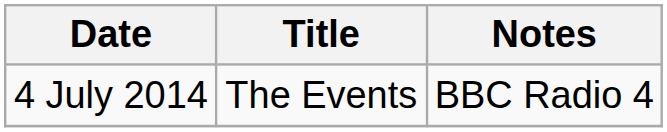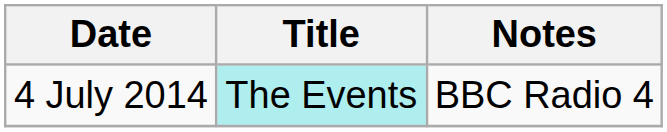 <table class="wikitable">
 <tr>
 <th>Date</th>
 <th>Title</th>
 <th>Notes</th>
 </tr>
 <tr>
 <td>4 July 2014</td>
-<td>The Events</td>
+<td style="background: paleturquoise;">The Events</td>
 <td>BBC Radio 4</td>
 </tr>
 <tr>
 </tr>
 </table>
